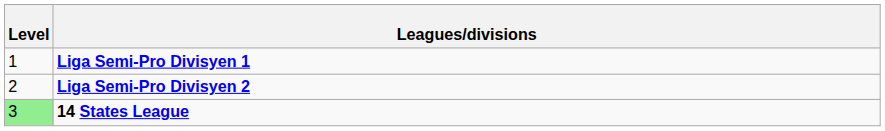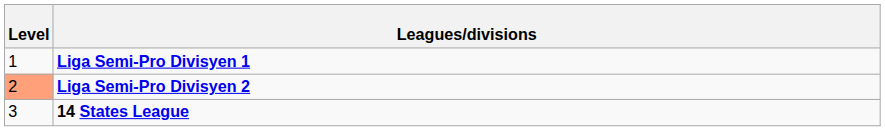 <table class="wikitable" style="text-align: centre;">
 <tr>
 <th colspan="1" width="4%"><br>Level</th>
 <th colspan="2" width="96%"><br>Leagues/divisions</th>
 </tr>
 <tr>
 <td>1</td>
 <td><strong><a href='#'>Liga Semi-Pro Divisyen 1</a></strong></td>
 </tr>
 <tr>
-<td>2</td>
+<td style="background: lightsalmon;">2</td>
 <td><strong><a href='#'>Liga Semi-Pro Divisyen 2</a></strong></td>
 </tr>
 <tr>
-<td style="background: lightgreen;">3</td>
+<td>3</td>
 <td><strong>14 <a href='#'>States League</a></strong></td>
 </tr>
 </table>
